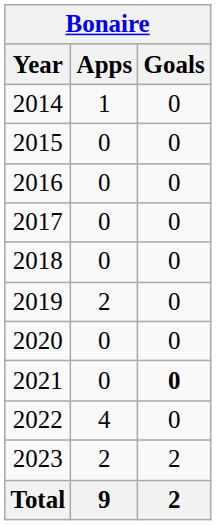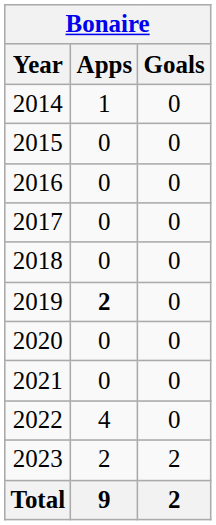 <table class="wikitable" style="text-align:center">
 <tr>
 <th colspan=3><a href='#'>Bonaire</a></th>
 </tr>
 <tr>
 <th>Year</th>
 <th>Apps</th>
 <th>Goals</th>
 </tr>
 <tr>
 <td>2014</td>
 <td>1</td>
 <td>0</td>
 </tr>
 <tr>
 <td>2015</td>
 <td>0</td>
 <td>0</td>
 </tr>
 <tr>
 <td>2016</td>
 <td>0</td>
 <td>0</td>
 </tr>
 <tr>
 <td>2017</td>
 <td>0</td>
 <td>0</td>
 </tr>
 <tr>
 <td>2018</td>
 <td>0</td>
 <td>0</td>
 </tr>
 <tr>
 <td>2019</td>
-<td>2</td>
+<td><strong>2</strong></td>
 <td>0</td>
 </tr>
 <tr>
 <td>2020</td>
 <td>0</td>
 <td>0</td>
 </tr>
 <tr>
 <td>2021</td>
 <td>0</td>
-<td><strong>0</strong></td>
+<td>0</td>
 </tr>
 <tr>
 <td>2022</td>
 <td>4</td>
 <td>0</td>
 </tr>
 <tr>
 <td>2023</td>
 <td>2</td>
 <td>2</td>
 </tr>
 <tr>
 <th>Total</th>
 <th>9</th>
 <th>2</th>
 </tr>
 </table>
